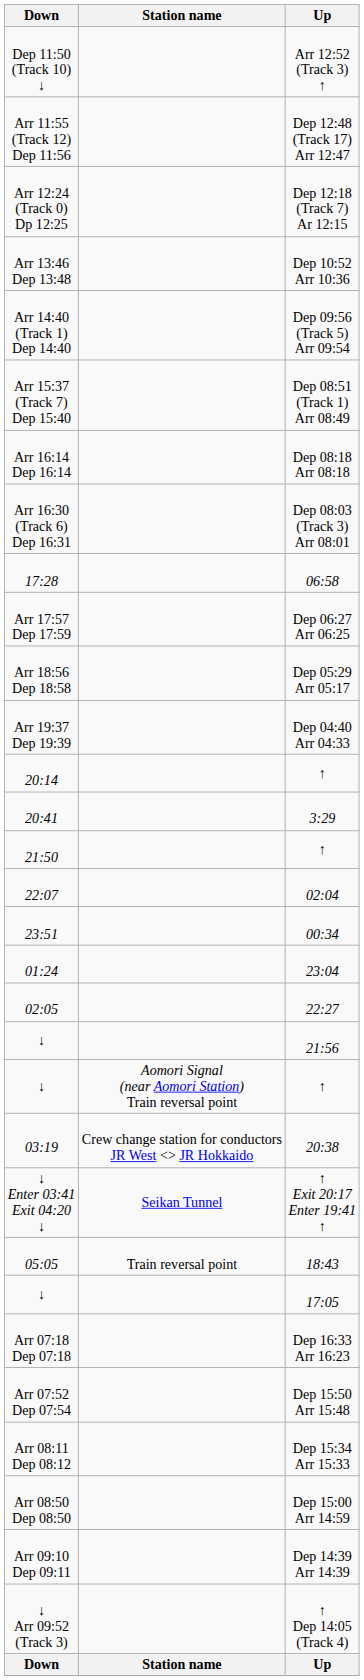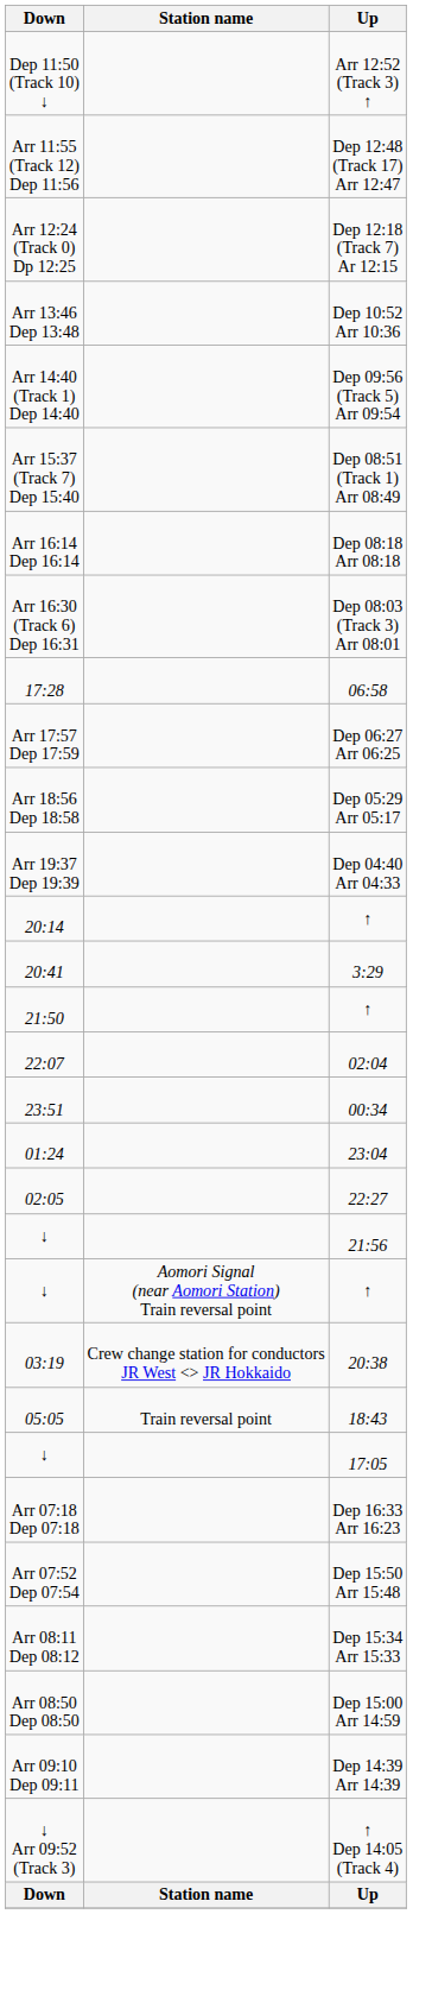 <table class=wikitable>
 <tr>
 <th>Down</th>
 <th>Station name</th>
 <th>Up</th>
 </tr>
 <tr>
 <td align="center"><br>Dep 11:50<br> (Track 10)<br> ↓</td>
 <td align="center"></td>
 <td align="center"><br>Arr 12:52<br> (Track 3)<br>↑</td>
 </tr>
 <tr>
 <td align="center"><br>Arr 11:55<br> (Track 12)<br> Dep 11:56</td>
 <td align="center"></td>
 <td align="center"><br>Dep 12:48<br> (Track 17)<br> Arr 12:47</td>
 </tr>
 <tr>
 <td align="center"><br>Arr 12:24<br> (Track 0)<br> Dp 12:25</td>
 <td align="center"></td>
 <td align="center"><br>Dep 12:18<br> (Track 7)<br> Ar 12:15</td>
 </tr>
 <tr>
 <td align="center"><br>Arr 13:46<br> Dep 13:48</td>
 <td align="center"></td>
 <td align="center"><br>Dep 10:52<br> Arr 10:36</td>
 </tr>
 <tr>
 <td align="center"><br>Arr 14:40<br> (Track 1)<br> Dep 14:40</td>
 <td align="center"></td>
 <td align="center"><br>Dep 09:56<br> (Track 5)<br> Arr 09:54</td>
 </tr>
 <tr>
 <td align="center"><br>Arr 15:37<br> (Track 7)<br> Dep 15:40</td>
 <td align="center"></td>
 <td align="center"><br>Dep 08:51<br> (Track 1)<br> Arr 08:49</td>
 </tr>
 <tr>
 <td align="center"><br>Arr 16:14<br> Dep 16:14</td>
 <td align="center"></td>
 <td align="center"><br>Dep 08:18<br> Arr 08:18</td>
 </tr>
 <tr>
 <td align="center"><br>Arr 16:30<br> (Track 6)<br> Dep 16:31</td>
 <td align="center"></td>
 <td align="center"><br>Dep 08:03<br> (Track 3)<br> Arr 08:01</td>
 </tr>
 <tr>
 <td align="center"><br><em>17:28</em></td>
 <td align="center"><em></em></td>
 <td align="center"><br><em>06:58</em></td>
 </tr>
 <tr>
 <td align="center"><br>Arr 17:57<br> Dep 17:59</td>
 <td align="center"></td>
 <td align="center"><br>Dep 06:27<br> Arr 06:25</td>
 </tr>
 <tr>
 <td align="center"><br>Arr 18:56<br> Dep 18:58</td>
 <td align="center"></td>
 <td align="center"><br>Dep 05:29<br> Arr 05:17</td>
 </tr>
 <tr>
 <td align="center"><br>Arr 19:37<br> Dep 19:39</td>
 <td align="center"></td>
 <td align="center"><br>Dep 04:40<br> Arr 04:33</td>
 </tr>
 <tr>
 <td align="center"><br><em>20:14</em></td>
 <td align="center"><em></em></td>
 <td align="center">↑</td>
 </tr>
 <tr>
 <td align="center"><br><em>20:41</em></td>
 <td align="center"><em></em></td>
 <td align="center"><br><em>3:29</em></td>
 </tr>
 <tr>
 <td align="center"><br><em>21:50</em></td>
 <td align="center"><em></em></td>
 <td align="center">↑</td>
 </tr>
 <tr>
 <td align="center"><br><em>22:07</em></td>
 <td align="center"><em></em></td>
 <td align="center"><br><em>02:04</em></td>
 </tr>
 <tr>
 <td align="center"><br><em>23:51</em></td>
 <td align="center"><em></em></td>
 <td align="center"><br><em>00:34</em></td>
 </tr>
 <tr>
 <td align="center"><br><em>01:24</em></td>
 <td align="center"><em></em></td>
 <td align="center"><br><em>23:04</em></td>
 </tr>
 <tr>
 <td align="center"><br><em>02:05</em></td>
 <td align="center"><em></em></td>
 <td align="center"><br><em>22:27</em></td>
 </tr>
 <tr>
 <td align="center">↓</td>
 <td align="center"><em></em></td>
 <td align="center"><br><em>21:56</em></td>
 </tr>
 <tr>
 <td align="center">↓</td>
 <td align="center"><em>Aomori Signal</em><br><em>(near <a href='#'>Aomori Station</a>)</em><br>Train reversal point</td>
 <td align="center">↑</td>
 </tr>
 <tr>
 <td align="center"><br><em>03:19</em></td>
 <td align="center"><em></em><br>Crew change station for conductors<br><a href='#'>JR West</a> <> <a href='#'>JR Hokkaido</a></td>
 <td align="center"><br><em>20:38</em></td>
 </tr>
 <tr>
-<td align="center">↓<br><em>Enter 03:41</em><br><em>Exit 04:20</em><br>↓</td>
-<td align="center"><a href='#'>Seikan Tunnel</a></td>
-<td align="center">↑<br><em>Exit 20:17</em><br><em>Enter 19:41</em><br>↑</td>
-</tr>
-<tr>
 <td align="center"><br><em>05:05</em></td>
 <td align="center"><em></em><br>Train reversal point</td>
 <td align="center"><br><em>18:43</em></td>
 </tr>
 <tr>
 <td align="center">↓</td>
 <td align="center"><em></em></td>
 <td align="center"><br><em>17:05</em></td>
 </tr>
 <tr>
 <td align="center"><br>Arr 07:18<br> Dep 07:18</td>
 <td align="center"></td>
 <td align="center"><br>Dep 16:33<br> Arr 16:23</td>
 </tr>
 <tr>
 <td align="center"><br>Arr 07:52<br> Dep 07:54</td>
 <td align="center"></td>
 <td align="center"><br>Dep 15:50<br> Arr 15:48</td>
 </tr>
 <tr>
 <td align="center"><br>Arr 08:11<br> Dep 08:12</td>
 <td align="center"></td>
 <td align="center"><br>Dep 15:34<br> Arr 15:33</td>
 </tr>
 <tr>
 <td align="center"><br>Arr 08:50<br> Dep 08:50</td>
 <td align="center"></td>
 <td align="center"><br>Dep 15:00<br> Arr 14:59</td>
 </tr>
 <tr>
 <td align="center"><br>Arr 09:10<br> Dep 09:11</td>
 <td align="center"></td>
 <td align="center"><br>Dep 14:39<br> Arr 14:39</td>
 </tr>
 <tr>
 <td align="center"><br>↓<br> Arr 09:52<br> (Track 3)</td>
 <td align="center"></td>
 <td align="center"><br>↑<br> Dep 14:05<br> (Track 4)<br></td>
 </tr>
 <tr>
 <th>Down</th>
 <th>Station name</th>
 <th>Up</th>
 </tr>
 <tr>
 </tr>
 </table>
